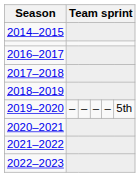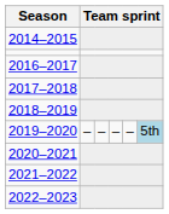 <table class="wikitable" style="display: inline-table;">
 <tr>
 <th>Season</th>
 <th colspan="12">Team sprint</th>
 </tr>
 <tr>
 <td><a href='#'>2014–2015</a></td>
 <td colspan="6" bgcolor=#EEEEEE></td>
 </tr>
 <tr>
 <td></td>
 </tr>
 <tr>
 <td><a href='#'>2016–2017</a></td>
 <td colspan="5" bgcolor=#EEEEEE></td>
 </tr>
 <tr>
 <td><a href='#'>2017–2018</a></td>
 <td colspan="5" bgcolor=#EEEEEE></td>
 </tr>
 <tr>
 <td><a href='#'>2018–2019</a></td>
 <td colspan="5" bgcolor=#EEEEEE></td>
 </tr>
 <tr>
 <td><a href='#'>2019–2020</a></td>
 <td>–</td>
 <td>–</td>
 <td>–</td>
 <td>–</td>
-<td>5th</td>
+<td style="background: lightblue;">5th</td>
 </tr>
 <tr>
 <td><a href='#'>2020–2021</a></td>
 <td colspan="5" bgcolor=#EEEEEE></td>
 </tr>
 <tr>
 <td><a href='#'>2021–2022</a></td>
 <td colspan="5" bgcolor=#EEEEEE></td>
 </tr>
 <tr>
 <td><a href='#'>2022–2023</a></td>
 <td colspan="5" bgcolor=#EEEEEE></td>
 </tr>
 </table>
